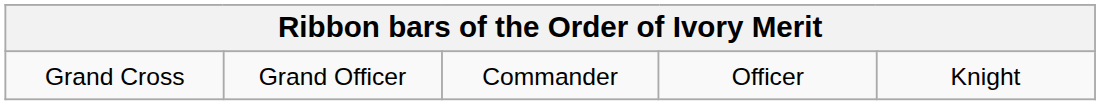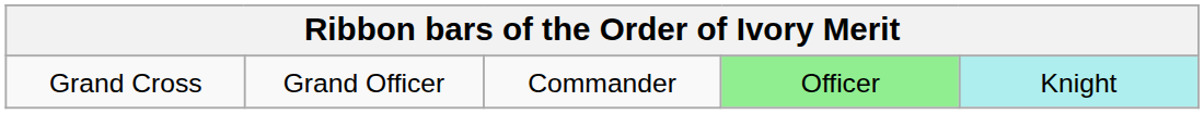 <table class=wikitable  style="margin-left: auto; margin-right: auto; width=60% ">
 <tr>
 <th colspan=6 align="center">Ribbon bars of the Order of Ivory Merit</th>
 </tr>
 <tr>
 <td width=15% valign=top align=center><small>Grand Cross</small></td>
 <td width=15% valign=top align=center><small>Grand Officer</small></td>
 <td width=15% valign=top align=center><small>Commander</small></td>
-<td width=15% valign=top align=center><small>Officer</small></td>
-<td width=15% valign=top align=center><small>Knight</small></td>
+<td width=15% valign=top align=center style="background: lightgreen;"><small>Officer</small></td>
+<td width=15% valign=top align=center style="background: paleturquoise;"><small>Knight</small></td>
 </tr>
 </table>
